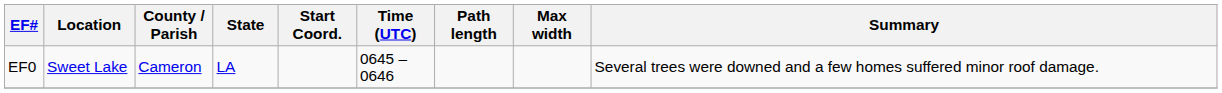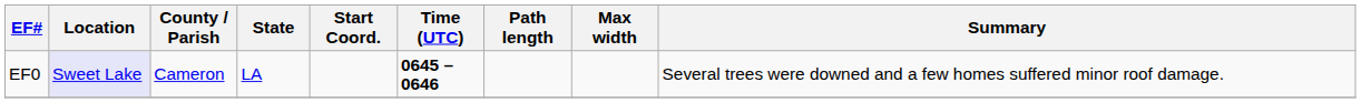 <table class="wikitable sortable" style="width:100%;">
 <tr>
 <th scope="col" width="3%" align="center"><a href='#'>EF#</a></th>
 <th scope="col" width="7%" align="center" class="unsortable">Location</th>
 <th scope="col" width="6%" align="center" class="unsortable">County / Parish</th>
 <th scope="col" width="5%" align="center">State</th>
 <th scope="col" width="6%" align="center">Start Coord.</th>
 <th scope="col" width="6%" align="center">Time (<a href='#'>UTC</a>)</th>
 <th scope="col" width="6%" align="center">Path length</th>
 <th scope="col" width="6%" align="center">Max width</th>
 <th scope="col" width="48%" class="unsortable" align="center">Summary</th>
 </tr>
 <tr>
 <td>EF0</td>
-<td><a href='#'>Sweet Lake</a></td>
+<td style="background: lavender;"><a href='#'>Sweet Lake</a></td>
 <td><a href='#'>Cameron</a></td>
 <td><a href='#'>LA</a></td>
 <td></td>
-<td>0645 – 0646</td>
+<td><strong>0645 – 0646</strong></td>
 <td></td>
 <td></td>
 <td>Several trees were downed and a few homes suffered minor roof damage.</td>
 </tr>
 <tr>
 </tr>
 </table>
